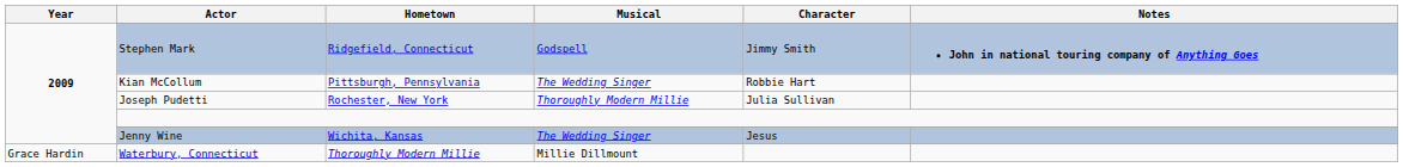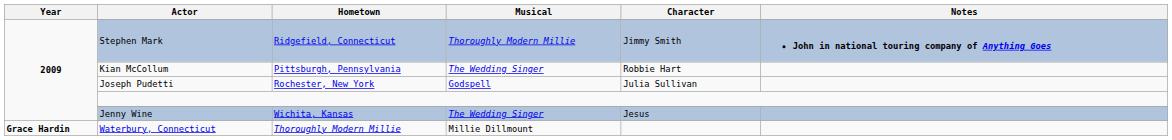 <table class="wikitable" style="width:98%; font-size:90%">
 <tr style="background:#bebebe;">
 <th style="width:8%;">Year</th>
 <th style="width:15%;">Actor</th>
 <th>Hometown</th>
 <th>Musical</th>
 <th style="width:12%;">Character</th>
 <th style="width:35%;">Notes</th>
 </tr>
 <tr>
 <td rowspan=7 align="center"><strong>2009</strong><br></td>
 </tr>
 <tr style="background:#B0C4DE">
 <td>Stephen Mark</td>
 <td><a href='#'>Ridgefield, Connecticut</a></td>
-<td><a href='#'>Godspell</a></td>
+<td><em><a href='#'>Thoroughly Modern Millie</a></em></td>
 <td>Jimmy Smith</td>
 <td><strong><br><ul><li>John in national touring company of <em><a href='#'>Anything Goes</a></em></li></ul></strong></td>
 </tr>
 <tr>
 <td>Kian McCollum</td>
 <td><a href='#'>Pittsburgh, Pennsylvania</a></td>
 <td><em><a href='#'>The Wedding Singer</a></em></td>
 <td>Robbie Hart</td>
 <td></td>
 </tr>
 <tr>
 <td>Joseph Pudetti</td>
 <td><a href='#'>Rochester, New York</a></td>
-<td><em><a href='#'>Thoroughly Modern Millie</a></em></td>
+<td><a href='#'>Godspell</a></td>
 <td>Julia Sullivan</td>
 <td></td>
 </tr>
 <tr>
 <td colspan=5><br></td>
 </tr>
 <tr>
 </tr>
 <tr style="background:#B0C4DE">
 <td>Jenny Wine</td>
 <td><a href='#'>Wichita, Kansas</a></td>
 <td><em><a href='#'>The Wedding Singer</a></em></td>
 <td>Jesus</td>
 <td></td>
 </tr>
 <tr>
-<td>Grace Hardin</td>
+<td><strong>Grace Hardin</strong></td>
 <td><a href='#'>Waterbury, Connecticut</a></td>
 <td><em><a href='#'>Thoroughly Modern Millie</a></em></td>
 <td>Millie Dillmount</td>
 <td></td>
 </tr>
 </table>
